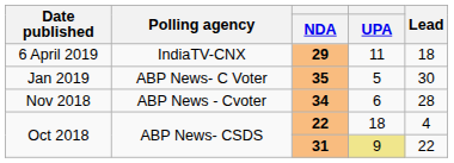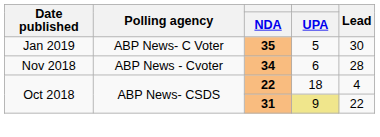 <table class="wikitable sortable" style="text-align:center;font-size:95%;line-height:16px">
 <tr>
 <th rowspan="2" width="100px">Date published</th>
 <th rowspan="2" width="175px">Polling agency</th>
 <th style="background:"></th>
 <th style="background:"></th>
 <th rowspan="2">Lead</th>
 </tr>
 <tr>
 <th width="50px" class="unsortable"><a href='#'>NDA</a></th>
 <th width="50px" class="unsortable"><a href='#'>UPA</a></th>
-</tr>
-<tr>
-<td>6 April 2019</td>
-<td>IndiaTV-CNX </td>
-<td style="background:#F9BC7F"><strong>29</strong></td>
-<td>11</td>
-<td style="background:">18</td>
 </tr>
 <tr>
 <td>Jan 2019</td>
 <td>ABP News- C Voter</td>
 <td style="background:#F9BC7F"><strong>35</strong></td>
 <td>5</td>
 <td style="background:"><span>30</span></td>
 </tr>
 <tr>
 <td>Nov 2018</td>
 <td>ABP News - Cvoter</td>
 <td style="background:#F9BC7F"><strong>34</strong></td>
 <td>6</td>
 <td style="background:"><span>28</span></td>
 </tr>
 <tr>
 <td rowspan="2">Oct 2018</td>
 <td rowspan="2">ABP News- CSDS</td>
 <td style="background:#F9BC7F"><strong>22</strong></td>
 <td>18</td>
 <td style="background:"><span>4</span></td>
 </tr>
 <tr>
 <td style="background:#F9BC7F"><strong>31</strong></td>
 <td style="background: khaki;">9</td>
 <td style="background:"><span>22</span></td>
 </tr>
 </table>
